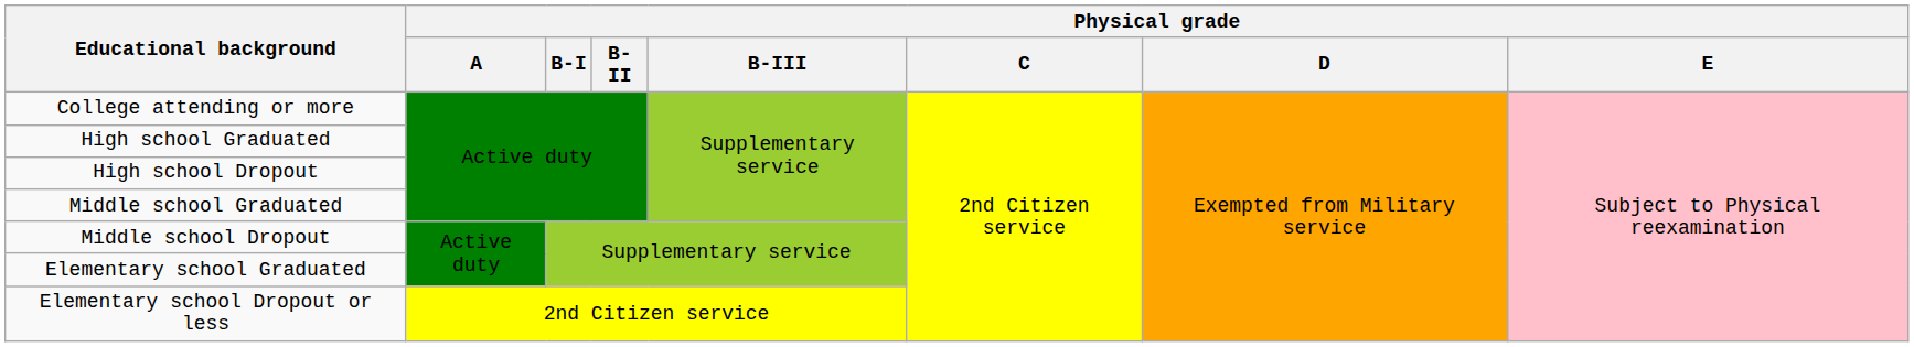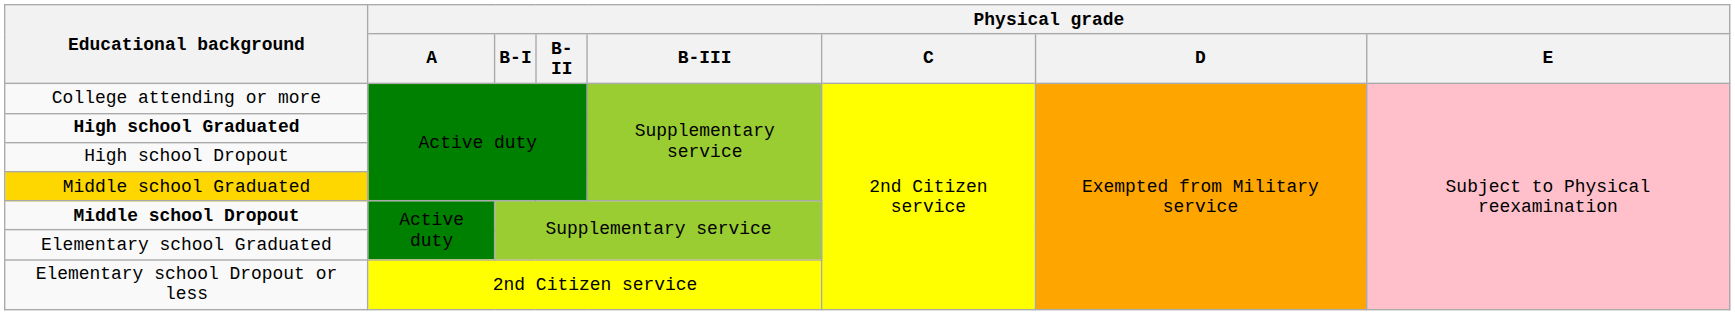 <table class="wikitable">
 <tr>
 <th rowspan="2">Educational background</th>
 <th colspan="7">Physical grade</th>
 </tr>
 <tr>
 <th>A</th>
 <th>B-I</th>
 <th>B-II</th>
 <th>B-III</th>
 <th>C</th>
 <th>D</th>
 <th>E</th>
 </tr>
 <tr>
 <td div style="text-align:center">College attending or more</td>
 <td colspan="3" rowspan="4" div style="background:green; text-align:center;">Active duty</td>
 <td rowspan="4" div style="background:yellowgreen; text-align:center;">Supplementary service</td>
 <td rowspan="7" div style="background:yellow; text-align:center;">2nd Citizen service</td>
 <td rowspan="7" div style="background:orange; text-align:center;">Exempted from Military service</td>
 <td rowspan="7" div style="background:pink; text-align:center;">Subject to Physical reexamination</td>
 </tr>
 <tr>
-<td div style="text-align:center">High school Graduated</td>
+<td div style="text-align:center"><strong>High school Graduated</strong></td>
 </tr>
 <tr>
 <td div style="text-align:center">High school Dropout</td>
 </tr>
 <tr>
-<td div style="text-align:center">Middle school Graduated</td>
+<td div style="background: gold; text-align:center">Middle school Graduated</td>
 </tr>
 <tr>
-<td div style="text-align:center">Middle school Dropout</td>
+<td div style="text-align:center"><strong>Middle school Dropout</strong></td>
 <td rowspan="2" div style="background:green; text-align:center;">Active duty</td>
 <td colspan="3" rowspan="2" div style="background:yellowgreen; text-align:center;">Supplementary service</td>
 </tr>
 <tr>
 <td div style="text-align:center">Elementary school Graduated</td>
 </tr>
 <tr>
 <td div style="text-align:center">Elementary school Dropout or less</td>
 <td colspan="4" div style="background:yellow; text-align:center;">2nd Citizen service</td>
 </tr>
 </table>
